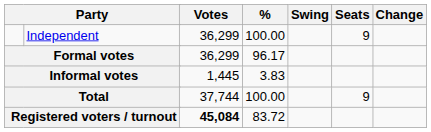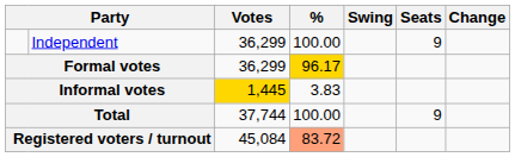 <table class="wikitable" style="text-align:right; margin-bottom:0">
 <tr>
 <th style="width:10px" colspan=3>Party</th>
 <th style="width:70px;">Votes</th>
 <th style="width:40px;">%</th>
 <th style="width:40px;">Swing</th>
 <th style="width:40px;">Seats</th>
 <th style="width:40px;">Change</th>
 </tr>
 <tr>
 <td> </td>
 <td style="text-align:left;" colspan="2"><a href='#'>Independent</a></td>
 <td>36,299</td>
 <td>100.00</td>
 <td></td>
 <td>9</td>
 <td></td>
 </tr>
 <tr>
 <th colspan="3" rowspan="1"> Formal votes</th>
 <td>36,299</td>
-<td>96.17</td>
+<td style="background: gold;">96.17</td>
 <td></td>
 <td></td>
 <td></td>
 </tr>
 <tr>
 <th colspan="3" rowspan="1"> Informal votes</th>
-<td>1,445</td>
+<td style="background: gold;">1,445</td>
 <td>3.83</td>
 <td></td>
 <td></td>
 <td></td>
 </tr>
 <tr>
 <th colspan="3" rowspan="1"> Total</th>
 <td>37,744</td>
 <td>100.00</td>
 <td></td>
 <td>9</td>
 <td></td>
 </tr>
 <tr>
 <th colspan="3" rowspan="1"> Registered voters / turnout</th>
-<td><strong>45,084</strong></td>
-<td>83.72</td>
+<td>45,084</td>
+<td style="background: lightsalmon;">83.72</td>
 <td></td>
 <td></td>
 <td></td>
 </tr>
 </table>
